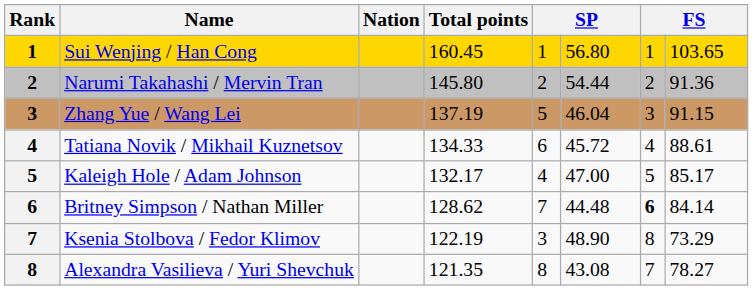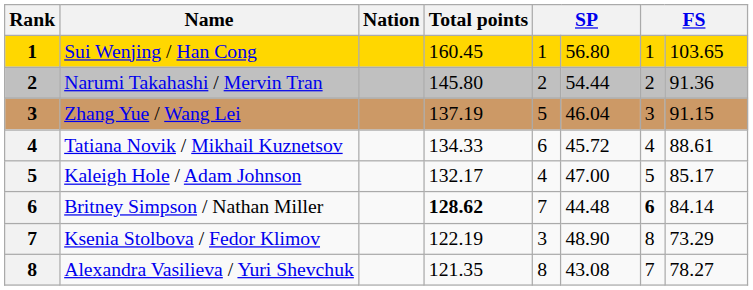 <table class="wikitable sortable">
 <tr>
 <th>Rank</th>
 <th>Name</th>
 <th>Nation</th>
 <th>Total points</th>
 <th colspan="2" width="80px"><a href='#'>SP</a></th>
 <th colspan="2" width="80px"><a href='#'>FS</a></th>
 </tr>
 <tr bgcolor="gold">
 <td align="center"><strong>1</strong></td>
 <td><a href='#'>Sui Wenjing</a> / <a href='#'>Han Cong</a></td>
 <td></td>
 <td>160.45</td>
 <td>1</td>
 <td>56.80</td>
 <td>1</td>
 <td>103.65</td>
 </tr>
 <tr bgcolor="silver">
 <td align="center"><strong>2</strong></td>
 <td><a href='#'>Narumi Takahashi</a> / <a href='#'>Mervin Tran</a></td>
 <td></td>
 <td>145.80</td>
 <td>2</td>
 <td>54.44</td>
 <td>2</td>
 <td>91.36</td>
 </tr>
 <tr bgcolor="cc9966">
 <td align="center"><strong>3</strong></td>
 <td><a href='#'>Zhang Yue</a> / <a href='#'>Wang Lei</a></td>
 <td></td>
 <td>137.19</td>
 <td>5</td>
 <td>46.04</td>
 <td>3</td>
 <td>91.15</td>
 </tr>
 <tr>
 <th>4</th>
 <td><a href='#'>Tatiana Novik</a> / <a href='#'>Mikhail Kuznetsov</a></td>
 <td></td>
 <td>134.33</td>
 <td>6</td>
 <td>45.72</td>
 <td>4</td>
 <td>88.61</td>
 </tr>
 <tr>
 <th>5</th>
 <td><a href='#'>Kaleigh Hole</a> / <a href='#'>Adam Johnson</a></td>
 <td></td>
 <td>132.17</td>
 <td>4</td>
 <td>47.00</td>
 <td>5</td>
 <td>85.17</td>
 </tr>
 <tr>
 <th>6</th>
 <td><a href='#'>Britney Simpson</a> / Nathan Miller</td>
 <td></td>
-<td>128.62</td>
+<td><strong>128.62</strong></td>
 <td>7</td>
 <td>44.48</td>
 <td><strong>6</strong></td>
 <td>84.14</td>
 </tr>
 <tr>
 <th>7</th>
 <td><a href='#'>Ksenia Stolbova</a> / <a href='#'>Fedor Klimov</a></td>
 <td></td>
 <td>122.19</td>
 <td>3</td>
 <td>48.90</td>
 <td>8</td>
 <td>73.29</td>
 </tr>
 <tr>
 <th>8</th>
 <td><a href='#'>Alexandra Vasilieva</a> / <a href='#'>Yuri Shevchuk</a></td>
 <td></td>
 <td>121.35</td>
 <td>8</td>
 <td>43.08</td>
 <td>7</td>
 <td>78.27</td>
 </tr>
 </table>
